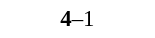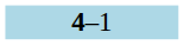 <table style="text-align:center">
 <tr>
 <th width=223></th>
 <th width=100></th>
 <th width=223></th>
 </tr>
 <tr>
 <td align=right><strong></strong></td>
-<td><strong>4</strong>–1</td>
+<td style="background: lightblue;"><strong>4</strong>–1</td>
 <td align=left></td>
 </tr>
 </table>
